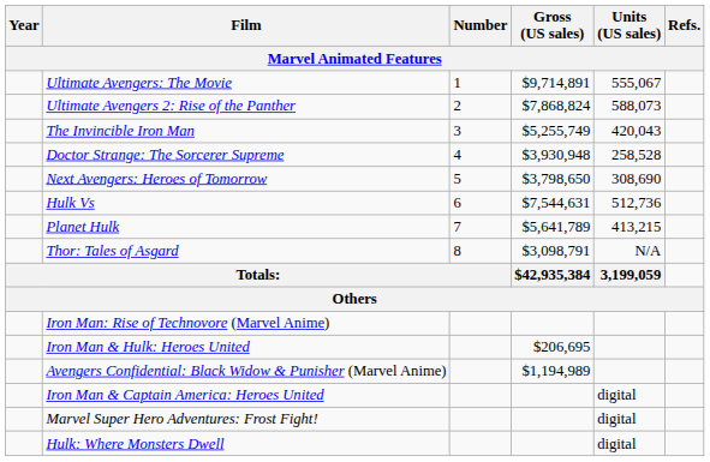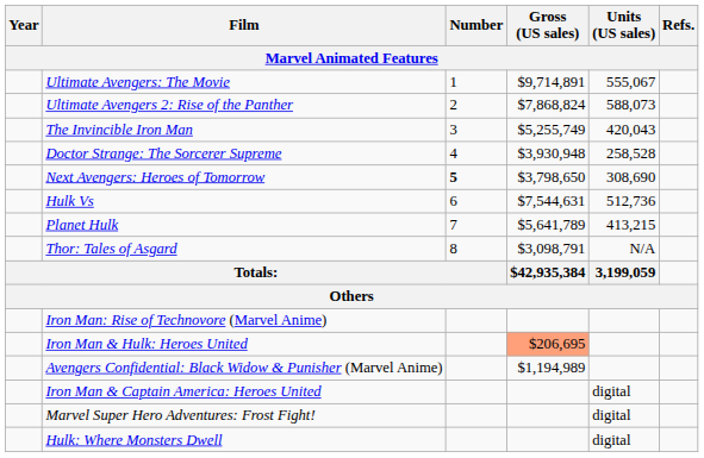 <table class="wikitable sortable">
 <tr>
 <th>Year</th>
 <th>Film</th>
 <th>Number</th>
 <th>Gross<br>(US sales)</th>
 <th>Units<br>(US sales)</th>
 <th class="sortable">Refs.<br></th>
 </tr>
 <tr>
 <td colspan="6"  style="text-align:center; background:#f2f2f2;"><strong><a href='#'>Marvel Animated Features</a></strong></td>
 </tr>
 <tr>
 <td></td>
 <td><em><a href='#'>Ultimate Avengers: The Movie</a></em></td>
 <td>1</td>
 <td style="text-align:right;">$9,714,891</td>
 <td style="text-align:right;">555,067</td>
 <td style="text-align:center;"></td>
 </tr>
 <tr>
 <td></td>
 <td><em><a href='#'>Ultimate Avengers 2: Rise of the Panther</a></em></td>
 <td>2</td>
 <td style="text-align:right;">$7,868,824</td>
 <td style="text-align:right;">588,073</td>
 <td style="text-align:center;"></td>
 </tr>
 <tr>
 <td></td>
 <td><em><a href='#'>The Invincible Iron Man</a></em></td>
 <td>3</td>
 <td style="text-align:right;">$5,255,749</td>
 <td style="text-align:right;">420,043</td>
 <td style="text-align:center;"></td>
 </tr>
 <tr>
 <td></td>
 <td><em><a href='#'>Doctor Strange: The Sorcerer Supreme</a></em></td>
 <td>4</td>
 <td style="text-align:right;">$3,930,948</td>
 <td style="text-align:right;">258,528</td>
 <td style="text-align:center;"></td>
 </tr>
 <tr>
 <td></td>
 <td><em><a href='#'>Next Avengers: Heroes of Tomorrow</a></em></td>
-<td>5</td>
+<td><strong>5</strong></td>
 <td style="text-align:right;">$3,798,650</td>
 <td style="text-align:right;">308,690</td>
 <td style="text-align:center;"></td>
 </tr>
 <tr>
 <td></td>
 <td><em><a href='#'>Hulk Vs</a></em></td>
 <td>6</td>
 <td style="text-align:right;">$7,544,631</td>
 <td style="text-align:right;">512,736</td>
 <td style="text-align:center;"></td>
 </tr>
 <tr>
 <td></td>
 <td><em><a href='#'>Planet Hulk</a></em></td>
 <td>7</td>
 <td style="text-align:right;">$5,641,789</td>
 <td style="text-align:right;">413,215</td>
 <td style="text-align:center;"></td>
 </tr>
 <tr>
 <td></td>
 <td><em><a href='#'>Thor: Tales of Asgard</a></em></td>
 <td>8</td>
 <td style="text-align:right;">$3,098,791</td>
 <td style="text-align:right;">N/A</td>
 <td style="text-align:center;"></td>
 </tr>
 <tr class="sortbottom">
 <td colspan="3" style="text-align:center; background:#f2f2f2;"><strong>Totals:</strong></td>
 <td style="text-align:right; background:#f2f2f2;"><strong>$42,935,384</strong></td>
 <td style="text-align:right; background:#f2f2f2;"><strong>3,199,059</strong></td>
 <td></td>
 </tr>
 <tr>
 <td colspan="6"  style="text-align:center; background:#f2f2f2;"><strong>Others</strong></td>
 </tr>
 <tr>
 <td></td>
 <td><em><a href='#'>Iron Man: Rise of Technovore</a></em> (<a href='#'>Marvel Anime</a>)</td>
 <td></td>
 <td style="text-align:right;"></td>
 <td style="text-align:right;"></td>
 <td style="text-align:center;"></td>
 </tr>
 <tr>
 <td></td>
 <td><em><a href='#'>Iron Man & Hulk: Heroes United</a></em></td>
 <td></td>
-<td style="text-align:right;">$206,695</td>
+<td style="background: lightsalmon; text-align:right;">$206,695</td>
 <td style="text-align:right;"></td>
 <td style="text-align:center;"></td>
 </tr>
 <tr>
 <td></td>
 <td><em><a href='#'>Avengers Confidential: Black Widow & Punisher</a></em> (Marvel Anime)</td>
 <td></td>
 <td style="text-align:right;">$1,194,989</td>
 <td style="text-align:right;"></td>
 <td style="text-align:center;"></td>
 </tr>
 <tr>
 <td></td>
 <td><em><a href='#'>Iron Man & Captain America: Heroes United</a></em></td>
 <td></td>
 <td style="text-align:right;"></td>
 <td>digital</td>
 <td style="text-align:center;"></td>
 </tr>
 <tr>
 <td></td>
 <td><em>Marvel Super Hero Adventures: Frost Fight!</em></td>
 <td></td>
 <td></td>
 <td>digital</td>
 <td style="text-align:center;"></td>
 </tr>
 <tr>
 <td></td>
 <td><em><a href='#'>Hulk: Where Monsters Dwell</a></em></td>
 <td></td>
 <td></td>
 <td>digital</td>
 <td style="text-align:center;"></td>
 </tr>
 </table>
